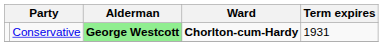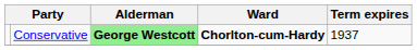 <table class="wikitable">
 <tr>
 <th colspan="2">Party</th>
 <th>Alderman</th>
 <th>Ward</th>
 <th>Term expires</th>
 </tr>
 <tr>
 <td style="background-color:"></td>
 <td><a href='#'>Conservative</a></td>
 <td style="background: lightgreen;"><strong>George Westcott</strong></td>
 <td><strong>Chorlton-cum-Hardy</strong></td>
-<td>1931</td>
+<td>1937</td>
 </tr>
 <tr>
 </tr>
 </table>
